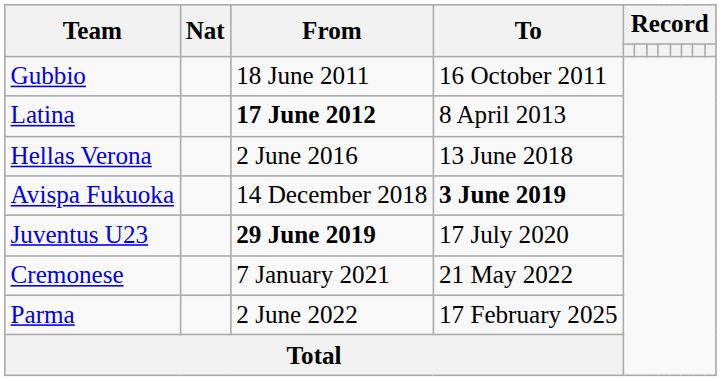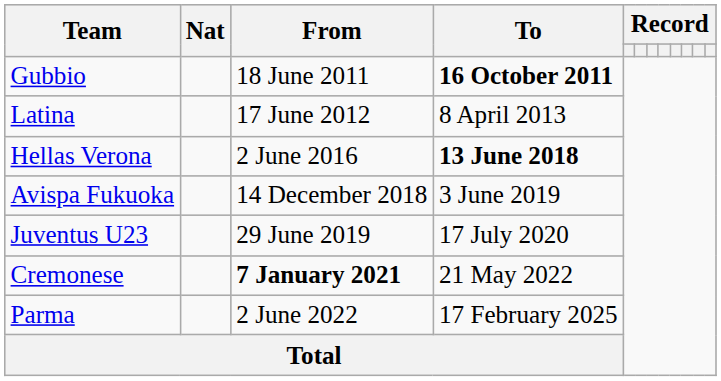 <table class=wikitable style=text-align:center>
 <tr>
 <th rowspan=2>Team</th>
 <th rowspan="2">Nat</th>
 <th rowspan=2>From</th>
 <th rowspan=2>To</th>
 <th colspan=8>Record</th>
 </tr>
 <tr>
 <th></th>
 <th></th>
 <th></th>
 <th></th>
 <th></th>
 <th></th>
 <th></th>
 <th></th>
 </tr>
 <tr>
 <td align=left><a href='#'>Gubbio</a></td>
 <td></td>
 <td align=left>18 June 2011</td>
-<td align=left>16 October 2011<br></td>
+<td align=left><strong>16 October 2011<br></strong></td>
 </tr>
 <tr>
 <td align=left><a href='#'>Latina</a></td>
 <td></td>
-<td align=left><strong>17 June 2012</strong></td>
+<td align=left>17 June 2012</td>
 <td align=left>8 April 2013<br></td>
 </tr>
 <tr>
 <td align=left><a href='#'>Hellas Verona</a></td>
 <td></td>
 <td align=left>2 June 2016</td>
-<td align=left>13 June 2018<br></td>
+<td align=left><strong>13 June 2018<br></strong></td>
 </tr>
 <tr>
 <td align=left><a href='#'>Avispa Fukuoka</a></td>
 <td></td>
 <td align=left>14 December 2018</td>
-<td align=left><strong>3 June 2019<br></strong></td>
+<td align=left>3 June 2019<br></td>
 </tr>
 <tr>
 <td align=left><a href='#'>Juventus U23</a></td>
 <td></td>
-<td align=left><strong>29 June 2019</strong></td>
+<td align=left>29 June 2019</td>
 <td align=left>17 July 2020<br></td>
 </tr>
 <tr>
 <td align=left><a href='#'>Cremonese</a></td>
 <td></td>
-<td align=left>7 January 2021</td>
+<td align=left><strong>7 January 2021</strong></td>
 <td align=left>21 May 2022<br></td>
 </tr>
 <tr>
 <td align=left><a href='#'>Parma</a></td>
 <td></td>
 <td align=left>2 June 2022</td>
 <td align=left>17 February 2025<br></td>
 </tr>
 <tr>
 <th colspan="4">Total<br></th>
 </tr>
 </table>
